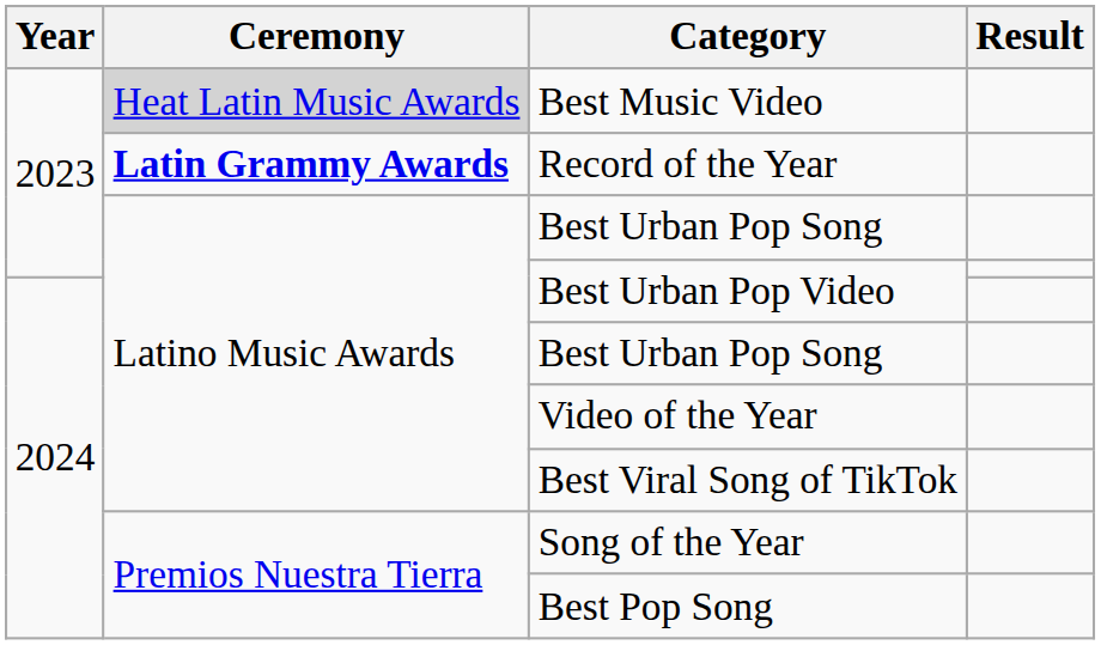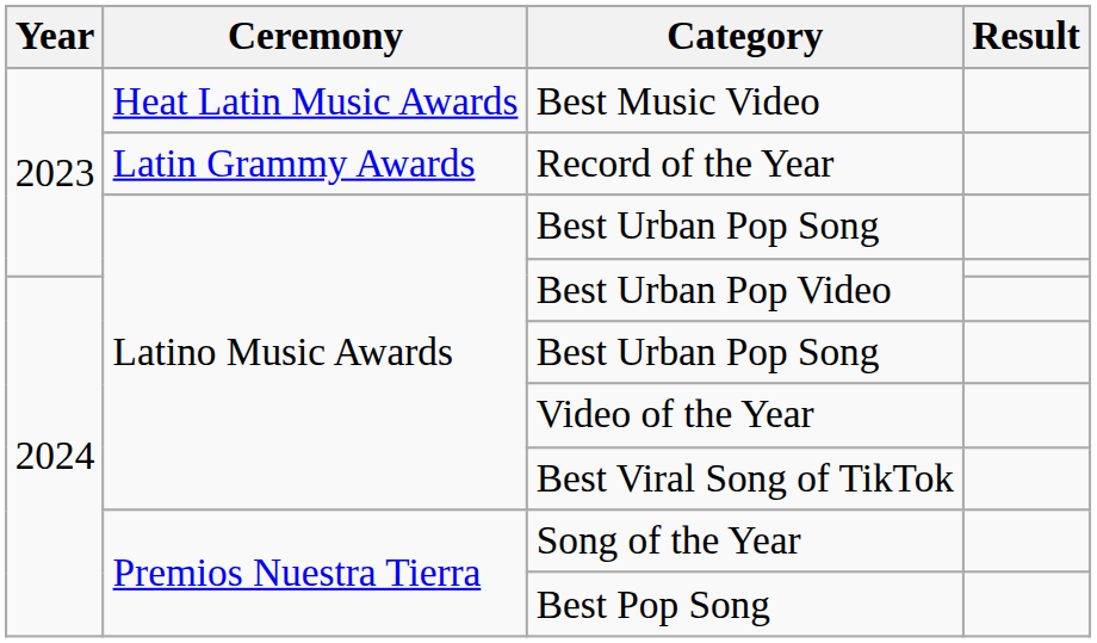 <table class="wikitable plainrowheaders">
 <tr>
 <th scope="col">Year</th>
 <th scope="col">Ceremony</th>
 <th scope="col">Category</th>
 <th scope="col">Result</th>
 </tr>
 <tr>
 <td rowspan="4">2023</td>
-<td style="background: lightgrey;"><a href='#'>Heat Latin Music Awards</a></td>
+<td><a href='#'>Heat Latin Music Awards</a></td>
 <td>Best Music Video</td>
 <td></td>
 </tr>
 <tr>
-<td><strong><a href='#'>Latin Grammy Awards</a></strong></td>
+<td><a href='#'>Latin Grammy Awards</a></td>
 <td>Record of the Year</td>
 <td></td>
 </tr>
 <tr>
 <td rowspan="6">Latino Music Awards</td>
 <td>Best Urban Pop Song</td>
 <td></td>
 </tr>
 <tr>
 <td rowspan="2">Best Urban Pop Video</td>
 <td></td>
 </tr>
 <tr>
 <td rowspan="6">2024</td>
 <td></td>
 </tr>
 <tr>
 <td>Best Urban Pop Song</td>
 <td></td>
 </tr>
 <tr>
 <td>Video of the Year</td>
 <td></td>
 </tr>
 <tr>
 <td>Best Viral Song of TikTok</td>
 <td></td>
 </tr>
 <tr>
 <td rowspan="2"><a href='#'>Premios Nuestra Tierra</a></td>
 <td>Song of the Year</td>
 <td></td>
 </tr>
 <tr>
 <td>Best Pop Song</td>
 <td></td>
 </tr>
 </table>
